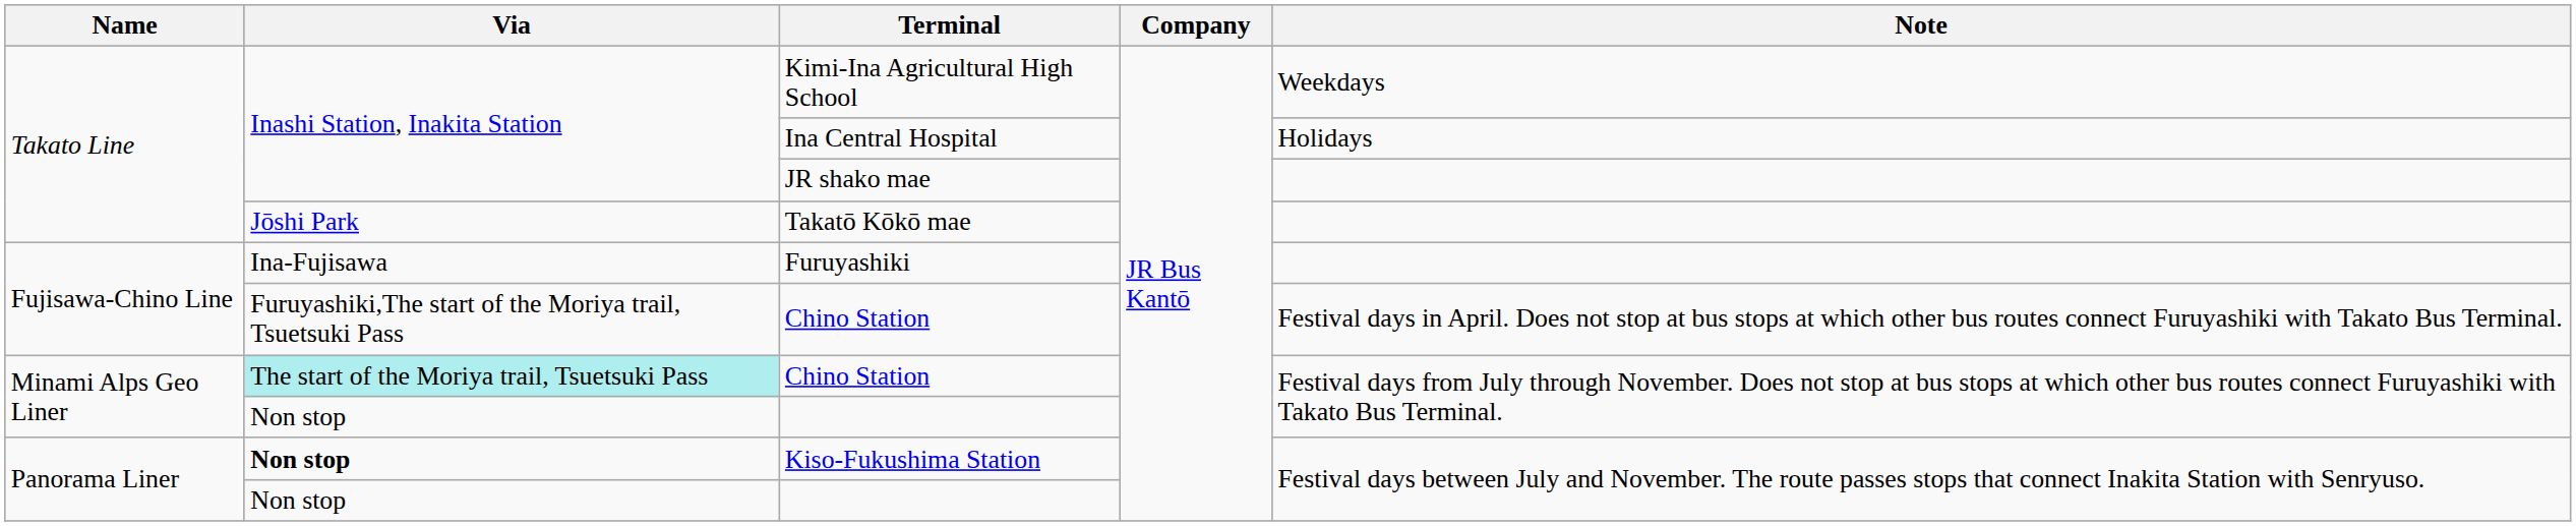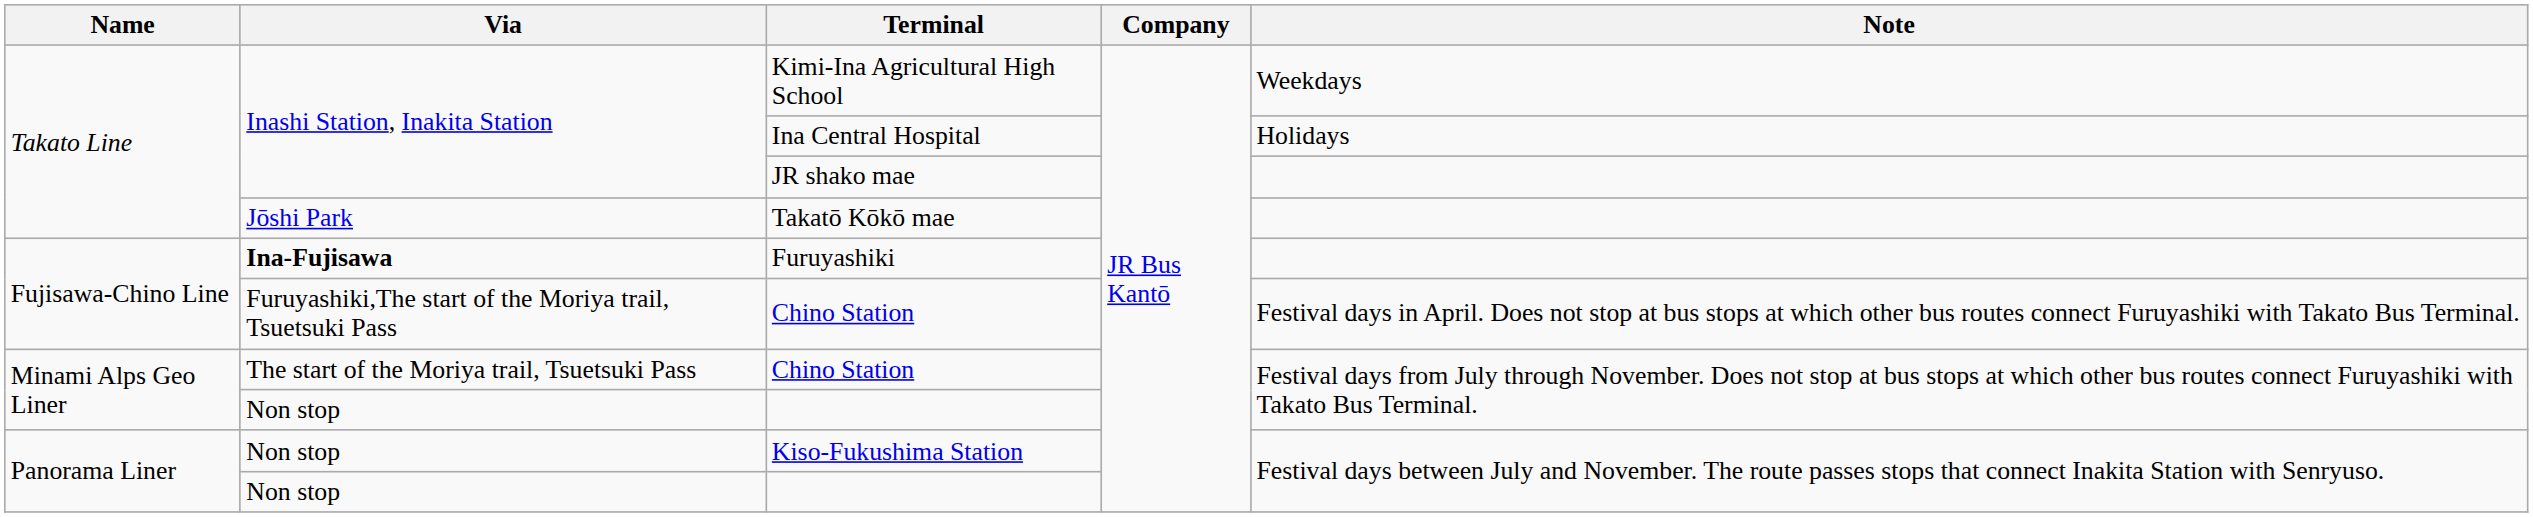 <table class="wikitable">
 <tr>
 <th>Name</th>
 <th>Via</th>
 <th>Terminal</th>
 <th>Company</th>
 <th>Note</th>
 </tr>
 <tr>
 <td rowspan="4"><em>Takato Line</em></td>
 <td rowspan="3"><a href='#'>Inashi Station</a>, <a href='#'>Inakita Station</a></td>
 <td>Kimi-Ina Agricultural High School</td>
 <td rowspan="10"><a href='#'>JR Bus Kantō</a></td>
 <td>Weekdays</td>
 </tr>
 <tr>
 <td>Ina Central Hospital</td>
 <td>Holidays</td>
 </tr>
 <tr>
 <td>JR shako mae</td>
 <td></td>
 </tr>
 <tr>
 <td><a href='#'>Jōshi Park</a></td>
 <td>Takatō Kōkō mae</td>
 <td></td>
 </tr>
 <tr>
 <td rowspan="2">Fujisawa-Chino Line</td>
-<td>Ina-Fujisawa</td>
+<td><strong>Ina-Fujisawa</strong></td>
 <td>Furuyashiki</td>
 <td></td>
 </tr>
 <tr>
 <td>Furuyashiki,The start of the Moriya trail, Tsuetsuki Pass</td>
 <td><a href='#'>Chino Station</a></td>
 <td>Festival days in April. Does not stop at bus stops at which other bus routes connect Furuyashiki with Takato Bus Terminal.</td>
 </tr>
 <tr>
 <td rowspan="2">Minami Alps Geo Liner</td>
-<td style="background: paleturquoise;">The start of the Moriya trail, Tsuetsuki Pass</td>
+<td>The start of the Moriya trail, Tsuetsuki Pass</td>
 <td><a href='#'>Chino Station</a></td>
 <td rowspan="2">Festival days from July through November. Does not stop at bus stops at which other bus routes connect Furuyashiki with Takato Bus Terminal.</td>
 </tr>
 <tr>
 <td>Non stop</td>
 <td></td>
 </tr>
 <tr>
 <td rowspan="2">Panorama Liner</td>
-<td><strong>Non stop</strong></td>
+<td>Non stop</td>
 <td><a href='#'>Kiso-Fukushima Station</a></td>
 <td rowspan="2">Festival days between July and November. The route passes stops that connect Inakita Station with Senryuso.</td>
 </tr>
 <tr>
 <td>Non stop</td>
 <td></td>
 </tr>
 </table>
